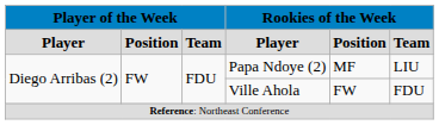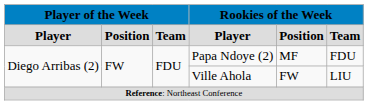 <table class="wikitable">
 <tr>
 <th colspan="3" style="background:#0081C4;"><span>Player of the Week</span></th>
 <th colspan="3" style="background:#0081C4;"><span>Rookies of the Week</span></th>
 </tr>
 <tr>
 <th style="background:#ddd;">Player</th>
 <th style="background:#ddd;">Position</th>
 <th style="background:#ddd;">Team</th>
 <th style="background:#ddd;">Player</th>
 <th style="background:#ddd;">Position</th>
 <th style="background:#ddd;">Team</th>
 </tr>
 <tr>
 <td rowspan=2>Diego Arribas (2)</td>
 <td rowspan=2>FW</td>
 <td rowspan=2>FDU</td>
 <td>Papa Ndoye (2)</td>
 <td>MF</td>
-<td !>LIU</td>
+<td !>FDU</td>
 </tr>
 <tr>
 <td>Ville Ahola</td>
 <td>FW</td>
-<td !>FDU</td>
+<td !>LIU</td>
 </tr>
 <tr>
 <td colspan="12"  style="font-size:8pt; text-align:center; background:#ddd;"><strong>Reference</strong>: Northeast Conference</td>
 </tr>
 </table>
